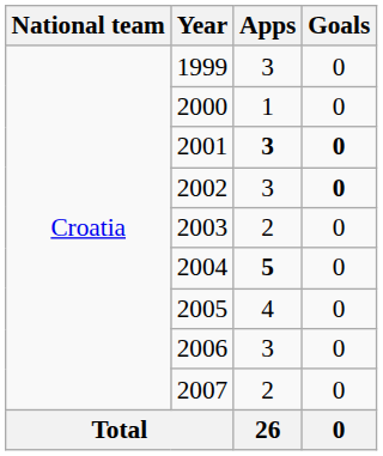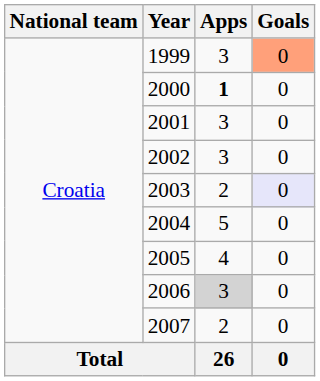 <table class="wikitable" style="text-align:center">
 <tr>
 <th>National team</th>
 <th>Year</th>
 <th>Apps</th>
 <th>Goals</th>
 </tr>
 <tr>
 <td rowspan="9"><a href='#'>Croatia</a></td>
 <td>1999</td>
 <td>3</td>
-<td>0</td>
+<td style="background: lightsalmon;">0</td>
 </tr>
 <tr>
 <td>2000</td>
-<td>1</td>
+<td><strong>1</strong></td>
 <td>0</td>
 </tr>
 <tr>
 <td>2001</td>
-<td><strong>3</strong></td>
-<td><strong>0</strong></td>
+<td>3</td>
+<td>0</td>
 </tr>
 <tr>
 <td>2002</td>
 <td>3</td>
-<td><strong>0</strong></td>
+<td>0</td>
 </tr>
 <tr>
 <td>2003</td>
 <td>2</td>
-<td>0</td>
+<td style="background: lavender;">0</td>
 </tr>
 <tr>
 <td>2004</td>
-<td><strong>5</strong></td>
+<td>5</td>
 <td>0</td>
 </tr>
 <tr>
 <td>2005</td>
 <td>4</td>
 <td>0</td>
 </tr>
 <tr>
 <td>2006</td>
-<td>3</td>
+<td style="background: lightgrey;">3</td>
 <td>0</td>
 </tr>
 <tr>
 <td>2007</td>
 <td>2</td>
 <td>0</td>
 </tr>
 <tr>
 <th colspan="2">Total</th>
 <th>26</th>
 <th>0</th>
 </tr>
 </table>
